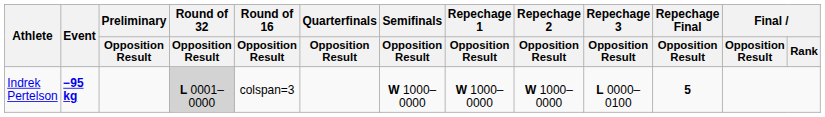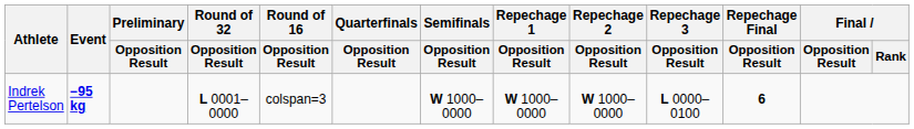 <table class="wikitable" style="font-size:90%">
 <tr>
 <th rowspan="2">Athlete</th>
 <th rowspan="2">Event</th>
 <th>Preliminary</th>
 <th>Round of 32</th>
 <th>Round of 16</th>
 <th>Quarterfinals</th>
 <th>Semifinals</th>
 <th>Repechage 1</th>
 <th>Repechage 2</th>
 <th>Repechage 3</th>
 <th>Repechage Final</th>
 <th colspan=2>Final / </th>
 </tr>
 <tr style="font-size:95%">
 <th>Opposition<br>Result</th>
 <th>Opposition<br>Result</th>
 <th>Opposition<br>Result</th>
 <th>Opposition<br>Result</th>
 <th>Opposition<br>Result</th>
 <th>Opposition<br>Result</th>
 <th>Opposition<br>Result</th>
 <th>Opposition<br>Result</th>
 <th>Opposition<br>Result</th>
 <th>Opposition<br>Result</th>
 <th>Rank</th>
 </tr>
 <tr align=center>
 <td align=left><a href='#'>Indrek Pertelson</a></td>
 <td align=left><strong><a href='#'>−95 kg</a></strong></td>
 <td></td>
-<td style="background: lightgrey;"><br><strong>L</strong> 0001–0000</td>
+<td><br><strong>L</strong> 0001–0000</td>
 <td>colspan=3 </td>
 <td></td>
 <td><br><strong>W</strong> 1000–0000</td>
 <td><br><strong>W</strong> 1000–0000</td>
 <td><br><strong>W</strong> 1000–0000</td>
 <td><br><strong>L</strong> 0000–0100</td>
-<td><strong>5</strong></td>
+<td><strong>6</strong></td>
 </tr>
 </table>
